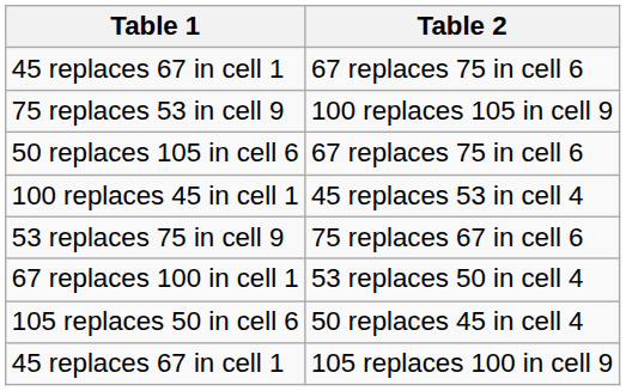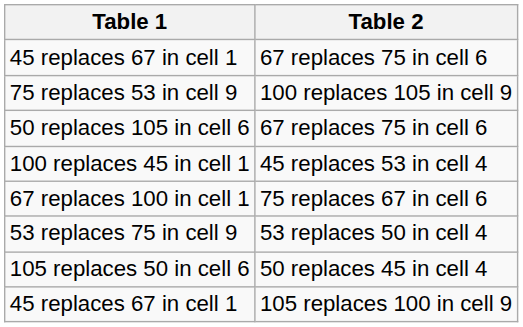 <table class="wikitable">
 <tr>
 <th>Table 1</th>
 <th>Table 2</th>
 </tr>
 <tr>
 <td>45 replaces 67 in cell 1</td>
 <td>67 replaces 75 in cell 6</td>
 </tr>
 <tr>
 <td>75 replaces 53 in cell 9</td>
 <td>100 replaces 105 in cell 9</td>
 </tr>
 <tr>
 <td>50 replaces 105 in cell 6</td>
 <td>67 replaces 75 in cell 6</td>
 </tr>
 <tr>
 <td>100 replaces 45 in cell 1</td>
 <td>45 replaces 53 in cell 4</td>
 </tr>
 <tr>
-<td>53 replaces 75 in cell 9</td>
+<td>67 replaces 100 in cell 1</td>
 <td>75 replaces 67 in cell 6</td>
 </tr>
 <tr>
-<td>67 replaces 100 in cell 1</td>
+<td>53 replaces 75 in cell 9</td>
 <td>53 replaces 50 in cell 4</td>
 </tr>
 <tr>
 <td>105 replaces 50 in cell 6</td>
 <td>50 replaces 45 in cell 4</td>
 </tr>
 <tr>
 <td>45 replaces 67 in cell 1</td>
 <td>105 replaces 100 in cell 9</td>
 </tr>
 </table>
